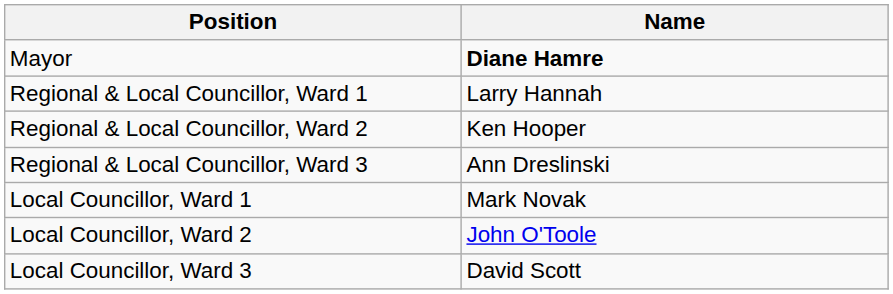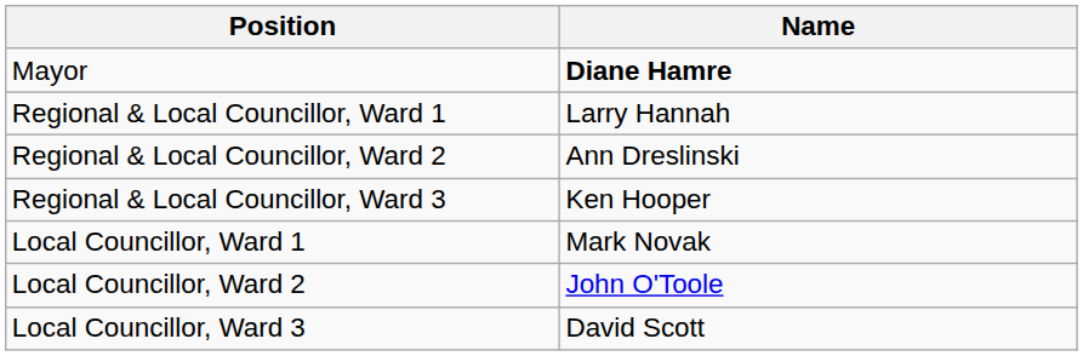 <table class="wikitable" style="width:50%;">
 <tr>
 <th bgcolor="#DDDDFF" width="50px">Position</th>
 <th bgcolor="#DDDDFF" width="50px">Name</th>
 </tr>
 <tr>
 <td>Mayor</td>
 <td><strong>Diane Hamre</strong></td>
 </tr>
 <tr>
 <td>Regional & Local Councillor, Ward 1</td>
 <td>Larry Hannah</td>
 </tr>
 <tr>
 <td>Regional & Local Councillor, Ward 2</td>
-<td>Ken Hooper</td>
+<td>Ann Dreslinski</td>
 </tr>
 <tr>
 <td>Regional & Local Councillor, Ward 3</td>
-<td>Ann Dreslinski</td>
+<td>Ken Hooper</td>
 </tr>
 <tr>
 <td>Local Councillor, Ward 1</td>
 <td>Mark Novak</td>
 </tr>
 <tr>
 <td>Local Councillor, Ward 2</td>
 <td><a href='#'>John O'Toole</a></td>
 </tr>
 <tr>
 <td>Local Councillor, Ward 3</td>
 <td>David Scott</td>
 </tr>
 </table>
